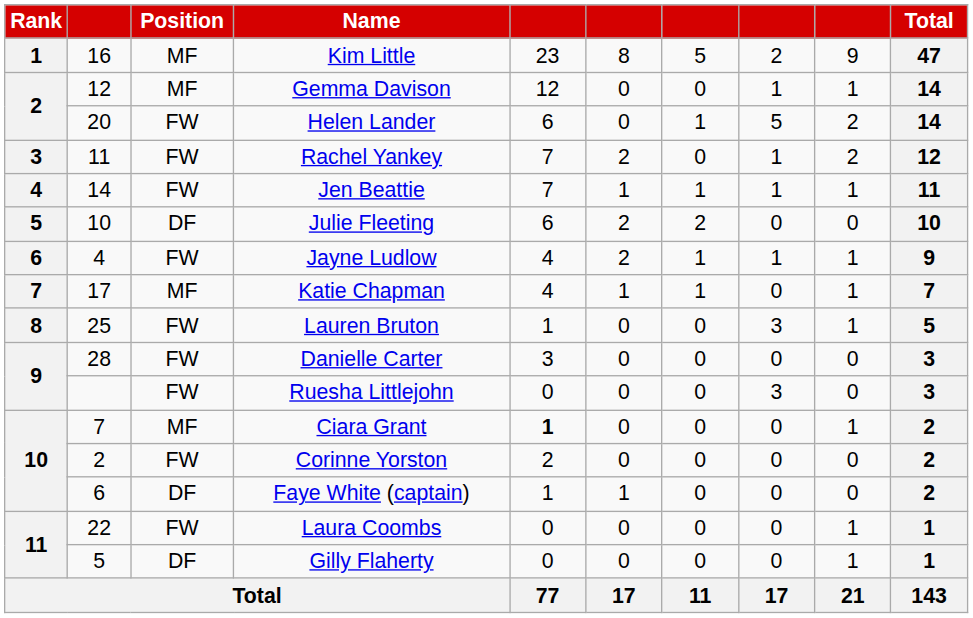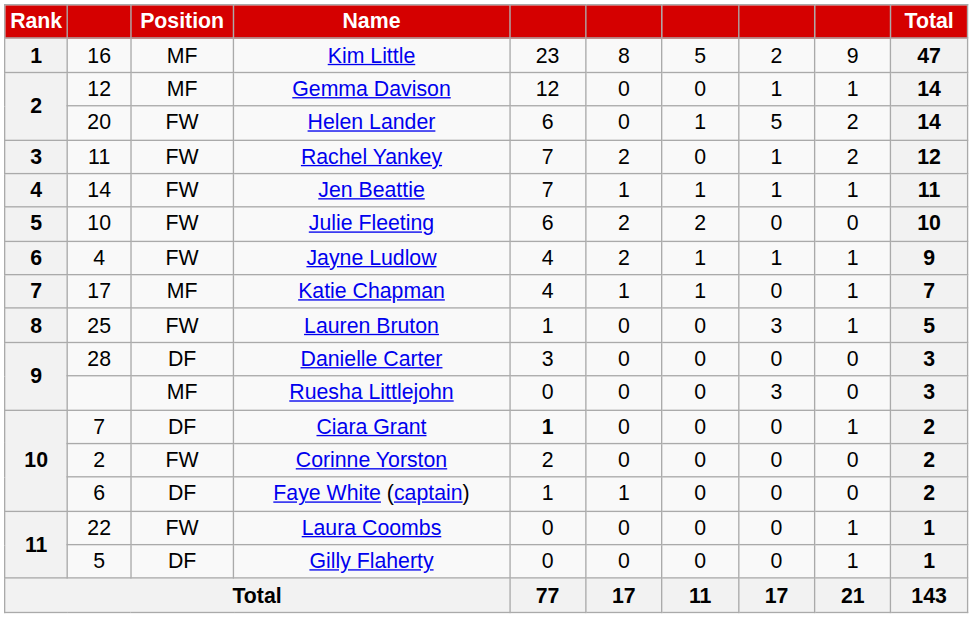 <table class="wikitable" style="text-align:center; font-size:100%; ">
 <tr>
 <th style="background:#d50000; color:white; text-align:center; width:40px">Rank</th>
 <th style="background:#d50000; color:white; text-align:center; width:40px"></th>
 <th style="background:#d50000; color:white; text-align:center; width:70px">Position</th>
 <th style="background:#d50000; color:white; text-align:center; width:200px">Name</th>
 <th style="background:#d50000; color:white; text-align:center; width:50px;"><a href='#'></a></th>
 <th style="background:#d50000; color:white; text-align:center; width:50px;"><a href='#'></a></th>
 <th style="background:#d50000; color:white; text-align:center; width:50px;"></th>
 <th style="background:#d50000; color:white; text-align:center; width:50px;"></th>
 <th style="background:#d50000; color:white; text-align:center; width:50px;"></th>
 <th style="background:#d50000; color:white; text-align:center; width:50px;">Total</th>
 </tr>
 <tr>
 <th>1</th>
 <td>16</td>
 <td>MF</td>
 <td> <a href='#'>Kim Little</a></td>
 <td>23</td>
 <td>8</td>
 <td>5</td>
 <td>2</td>
 <td>9</td>
 <th>47</th>
 </tr>
 <tr>
 <th rowspan="2">2</th>
 <td>12</td>
 <td>MF</td>
 <td> <a href='#'>Gemma Davison</a></td>
 <td>12</td>
 <td>0</td>
 <td>0</td>
 <td>1</td>
 <td>1</td>
 <th>14</th>
 </tr>
 <tr>
 <td>20</td>
 <td>FW</td>
 <td> <a href='#'>Helen Lander</a></td>
 <td>6</td>
 <td>0</td>
 <td>1</td>
 <td>5</td>
 <td>2</td>
 <th>14</th>
 </tr>
 <tr>
 <th>3</th>
 <td>11</td>
 <td>FW</td>
 <td> <a href='#'>Rachel Yankey</a></td>
 <td>7</td>
 <td>2</td>
 <td>0</td>
 <td>1</td>
 <td>2</td>
 <th>12</th>
 </tr>
 <tr>
 <th>4</th>
 <td>14</td>
 <td>FW</td>
 <td> <a href='#'>Jen Beattie</a></td>
 <td>7</td>
 <td>1</td>
 <td>1</td>
 <td>1</td>
 <td>1</td>
 <th>11</th>
 </tr>
 <tr>
 <th>5</th>
 <td>10</td>
-<td>DF</td>
+<td>FW</td>
 <td> <a href='#'>Julie Fleeting</a></td>
 <td>6</td>
 <td>2</td>
 <td>2</td>
 <td>0</td>
 <td>0</td>
 <th>10</th>
 </tr>
 <tr>
 <th>6</th>
 <td>4</td>
 <td>FW</td>
 <td> <a href='#'>Jayne Ludlow</a></td>
 <td>4</td>
 <td>2</td>
 <td>1</td>
 <td>1</td>
 <td>1</td>
 <th>9</th>
 </tr>
 <tr>
 <th>7</th>
 <td>17</td>
 <td>MF</td>
 <td><em></em> <a href='#'>Katie Chapman</a></td>
 <td>4</td>
 <td>1</td>
 <td>1</td>
 <td>0</td>
 <td>1</td>
 <th>7</th>
 </tr>
 <tr>
 <th>8</th>
 <td>25</td>
 <td>FW</td>
 <td> <a href='#'>Lauren Bruton</a></td>
 <td>1</td>
 <td>0</td>
 <td>0</td>
 <td>3</td>
 <td>1</td>
 <th>5</th>
 </tr>
 <tr>
 <th rowspan="2">9</th>
 <td>28</td>
-<td>FW</td>
+<td>DF</td>
 <td> <a href='#'>Danielle Carter</a></td>
 <td>3</td>
 <td>0</td>
 <td>0</td>
 <td>0</td>
 <td>0</td>
 <th>3</th>
 </tr>
 <tr>
 <td></td>
-<td>FW</td>
+<td>MF</td>
 <td> <a href='#'>Ruesha Littlejohn</a></td>
 <td>0</td>
 <td>0</td>
 <td>0</td>
 <td>3</td>
 <td>0</td>
 <th>3</th>
 </tr>
 <tr>
 <th rowspan="3">10</th>
 <td>7</td>
-<td>MF</td>
+<td>DF</td>
 <td> <a href='#'>Ciara Grant</a></td>
 <td><strong>1</strong></td>
 <td>0</td>
 <td>0</td>
 <td>0</td>
 <td>1</td>
 <th>2</th>
 </tr>
 <tr>
 <td>2</td>
 <td>FW</td>
 <td> <a href='#'>Corinne Yorston</a></td>
 <td>2</td>
 <td>0</td>
 <td>0</td>
 <td>0</td>
 <td>0</td>
 <th>2</th>
 </tr>
 <tr>
 <td>6</td>
 <td>DF</td>
 <td> <a href='#'>Faye White</a> (<a href='#'>captain</a>)</td>
 <td>1</td>
 <td>1</td>
 <td>0</td>
 <td>0</td>
 <td>0</td>
 <th>2</th>
 </tr>
 <tr>
 <th rowspan="2">11</th>
 <td>22</td>
 <td>FW</td>
 <td><em></em> <a href='#'>Laura Coombs</a></td>
 <td>0</td>
 <td>0</td>
 <td>0</td>
 <td>0</td>
 <td>1</td>
 <th>1</th>
 </tr>
 <tr>
 <td>5</td>
 <td>DF</td>
 <td> <a href='#'>Gilly Flaherty</a></td>
 <td>0</td>
 <td>0</td>
 <td>0</td>
 <td>0</td>
 <td>1</td>
 <th>1</th>
 </tr>
 <tr>
 <th colspan="4">Total</th>
 <th>77</th>
 <th>17</th>
 <th>11</th>
 <th>17</th>
 <th>21</th>
 <th>143</th>
 </tr>
 </table>
